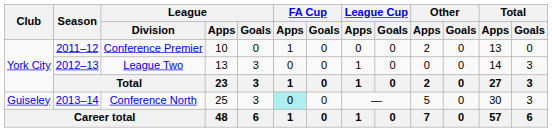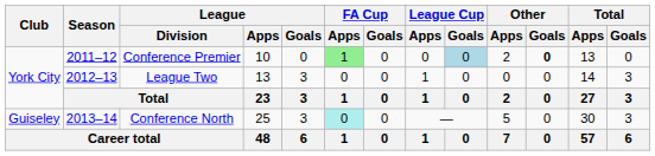 <table class="wikitable" style="text-align: center;">
 <tr>
 <th rowspan="2">Club</th>
 <th rowspan="2">Season</th>
 <th colspan="3">League</th>
 <th colspan="2"><a href='#'>FA Cup</a></th>
 <th colspan="2"><a href='#'>League Cup</a></th>
 <th colspan="2">Other</th>
 <th colspan="2">Total</th>
 </tr>
 <tr>
 <th>Division</th>
 <th>Apps</th>
 <th>Goals</th>
 <th>Apps</th>
 <th>Goals</th>
 <th>Apps</th>
 <th>Goals</th>
 <th>Apps</th>
 <th>Goals</th>
 <th>Apps</th>
 <th>Goals</th>
 </tr>
 <tr>
 <td rowspan="3"><a href='#'>York City</a></td>
 <td><a href='#'>2011–12</a></td>
 <td><a href='#'>Conference Premier</a></td>
 <td>10</td>
 <td>0</td>
-<td>1</td>
+<td style="background: lightgreen;">1</td>
 <td>0</td>
 <td>0</td>
-<td>0</td>
+<td style="background: lightblue;">0</td>
 <td>2</td>
-<td>0</td>
+<td><strong>0</strong></td>
 <td>13</td>
 <td>0</td>
 </tr>
 <tr>
 <td><a href='#'>2012–13</a></td>
 <td><a href='#'>League Two</a></td>
 <td>13</td>
 <td>3</td>
 <td>0</td>
 <td>0</td>
 <td>1</td>
 <td>0</td>
 <td>0</td>
 <td>0</td>
 <td>14</td>
 <td>3</td>
 </tr>
 <tr>
 <th colspan="2">Total</th>
 <th>23</th>
 <th>3</th>
 <th>1</th>
 <th>0</th>
 <th>1</th>
 <th>0</th>
 <th>2</th>
 <th>0</th>
 <th>27</th>
 <th>3</th>
 </tr>
 <tr>
 <td><a href='#'>Guiseley</a></td>
 <td><a href='#'>2013–14</a></td>
 <td><a href='#'>Conference North</a></td>
 <td>25</td>
 <td>3</td>
 <td style="background: paleturquoise;">0</td>
 <td>0</td>
 <td colspan="2">—</td>
 <td>5</td>
 <td>0</td>
 <td>30</td>
 <td>3</td>
 </tr>
 <tr>
 <th colspan="3">Career total</th>
 <th>48</th>
 <th>6</th>
 <th>1</th>
 <th>0</th>
 <th>1</th>
 <th>0</th>
 <th>7</th>
 <th>0</th>
 <th>57</th>
 <th>6</th>
 </tr>
 </table>
